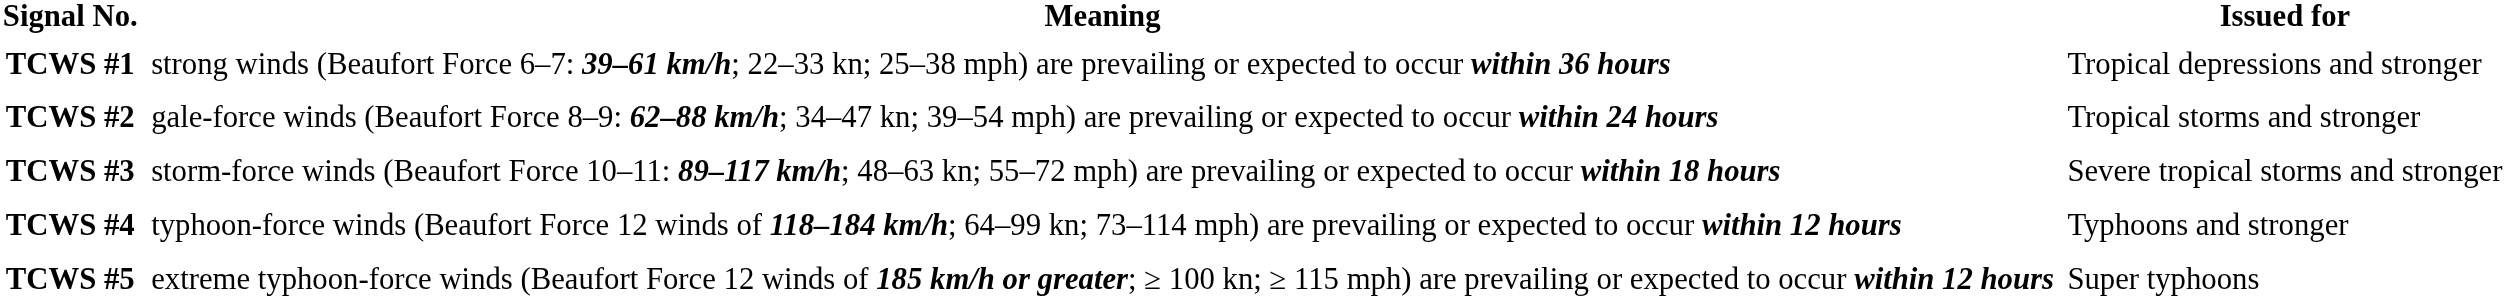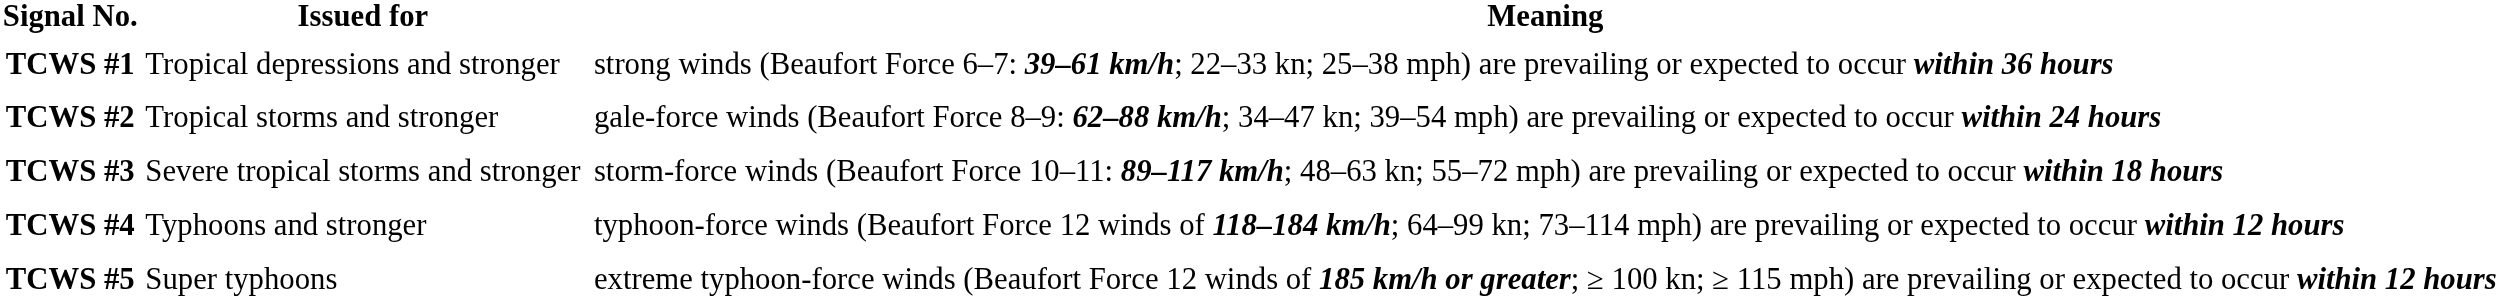 <table class="toccolours" style="margin-left: auto; margin-right: auto;">
 <tr>
 <th>Signal No.</th>
+<th>Issued for</th>
 <th>Meaning</th>
-<th>Issued for</th>
 </tr>
 <tr>
 <th style="background-color:#">TCWS #1</th>
+<td>Tropical depressions and stronger</td>
 <td style="padding:4px">strong winds (Beaufort Force 6–7: <strong><em>39–61 km/h</em></strong>; 22–33 kn; 25–38 mph) are prevailing or expected to occur <strong><em>within 36 hours</em></strong></td>
-<td>Tropical depressions and stronger</td>
 </tr>
 <tr>
 <th style="background-color:#">TCWS #2</th>
+<td>Tropical storms and stronger</td>
 <td style="padding:4px">gale-force winds (Beaufort Force 8–9: <strong><em>62–88 km/h</em></strong>; 34–47 kn; 39–54 mph) are prevailing or expected to occur <strong><em>within 24 hours</em></strong></td>
-<td>Tropical storms and stronger</td>
 </tr>
 <tr>
 <th style="background-color:#">TCWS #3</th>
+<td>Severe tropical storms and stronger</td>
 <td style="padding:4px">storm-force winds (Beaufort Force 10–11: <strong><em>89–117 km/h</em></strong>; 48–63 kn; 55–72 mph) are prevailing or expected to occur <strong><em>within 18 hours</em></strong></td>
-<td>Severe tropical storms and stronger</td>
 </tr>
 <tr>
 <th style="background-color:#">TCWS #4</th>
+<td>Typhoons and stronger</td>
 <td style="padding:4px">typhoon-force winds (Beaufort Force 12 winds of <strong><em>118–184 km/h</em></strong>; 64–99 kn; 73–114 mph) are prevailing or expected to occur <strong><em>within 12 hours</em></strong></td>
-<td>Typhoons and stronger</td>
 </tr>
 <tr>
 <th style="background-color:#">TCWS #5</th>
+<td>Super typhoons</td>
 <td style="padding:4px">extreme typhoon-force winds (Beaufort Force 12 winds of <strong><em>185 km/h or greater</em></strong>; ≥ 100 kn; ≥ 115 mph) are prevailing or expected to occur <strong><em>within 12 hours</em></strong></td>
-<td>Super typhoons</td>
 </tr>
 </table>
